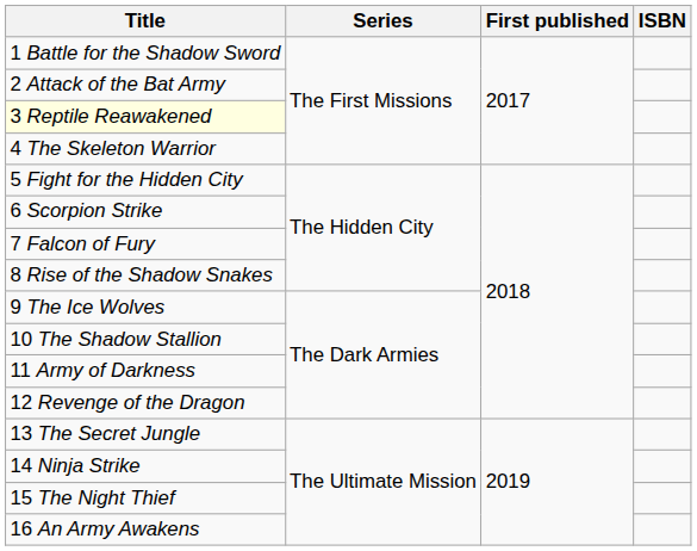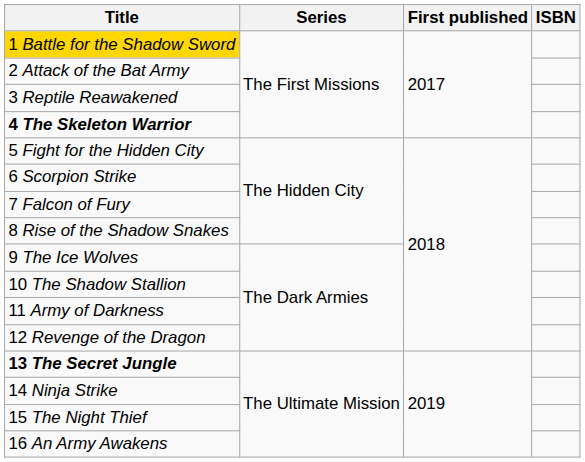 <table class="wikitable sortable nowraplinks">
 <tr>
 <th scope="col">Title</th>
 <th scope="col">Series</th>
 <th scope="col">First published</th>
 <th scope="col">ISBN</th>
 </tr>
 <tr>
-<td>1 <em>Battle for the Shadow Sword</em></td>
+<td style="background: gold;">1 <em>Battle for the Shadow Sword</em></td>
 <td rowspan=4>The First Missions</td>
 <td rowspan=4>2017</td>
 <td></td>
 </tr>
 <tr>
 <td>2 <em>Attack of the Bat Army</em></td>
 <td></td>
 </tr>
 <tr>
-<td style="background: lightyellow;">3 <em>Reptile Reawakened</em></td>
+<td>3 <em>Reptile Reawakened</em></td>
 <td></td>
 </tr>
 <tr>
-<td>4 <em>The Skeleton Warrior</em></td>
+<td><strong>4 <em>The Skeleton Warrior</em></strong></td>
 <td></td>
 </tr>
 <tr>
 <td>5 <em>Fight for the Hidden City</em></td>
 <td rowspan=4>The Hidden City</td>
 <td rowspan=8>2018</td>
 <td></td>
 </tr>
 <tr>
 <td>6 <em>Scorpion Strike</em></td>
 <td></td>
 </tr>
 <tr>
 <td>7 <em>Falcon of Fury</em></td>
 <td></td>
 </tr>
 <tr>
 <td>8 <em>Rise of the Shadow Snakes</em></td>
 <td></td>
 </tr>
 <tr>
 <td>9 <em>The Ice Wolves</em></td>
 <td rowspan=4>The Dark Armies</td>
 <td></td>
 </tr>
 <tr>
 <td>10 <em>The Shadow Stallion</em></td>
 <td></td>
 </tr>
 <tr>
 <td>11 <em>Army of Darkness</em></td>
 <td></td>
 </tr>
 <tr>
 <td>12 <em>Revenge of the Dragon</em></td>
 <td></td>
 </tr>
 <tr>
-<td>13 <em>The Secret Jungle</em></td>
+<td><strong>13 <em>The Secret Jungle</em></strong></td>
 <td rowspan=4>The Ultimate Mission</td>
 <td rowspan=4>2019</td>
 <td></td>
 </tr>
 <tr>
 <td>14 <em>Ninja Strike</em></td>
 <td></td>
 </tr>
 <tr>
 <td>15 <em>The Night Thief</em></td>
 <td></td>
 </tr>
 <tr>
 <td>16 <em>An Army Awakens</em></td>
 <td></td>
 </tr>
 </table>
